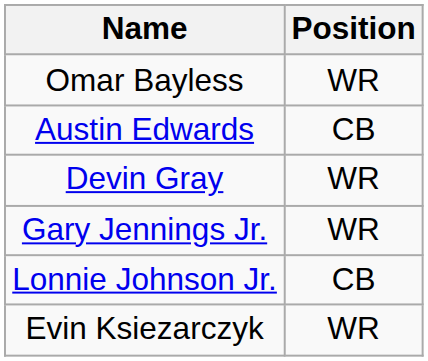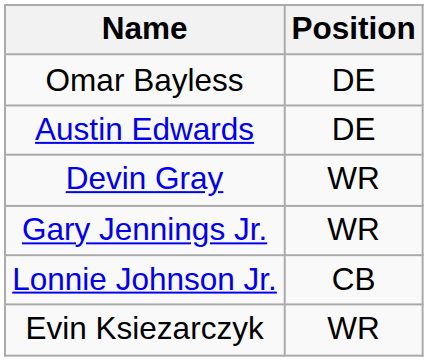 <table class="wikitable" style="text-align:center">
 <tr>
 <th>Name</th>
 <th>Position</th>
 </tr>
 <tr>
 <td>Omar Bayless</td>
-<td>WR</td>
+<td>DE</td>
 </tr>
 <tr>
 <td><a href='#'>Austin Edwards</a></td>
-<td>CB</td>
+<td>DE</td>
 </tr>
 <tr>
 <td><a href='#'>Devin Gray</a></td>
 <td>WR</td>
 </tr>
 <tr>
 <td><a href='#'>Gary Jennings Jr.</a></td>
 <td>WR</td>
 </tr>
 <tr>
 <td><a href='#'>Lonnie Johnson Jr.</a></td>
 <td>CB</td>
 </tr>
 <tr>
 <td>Evin Ksiezarczyk</td>
 <td>WR</td>
 </tr>
 </table>
